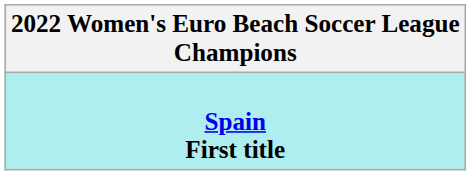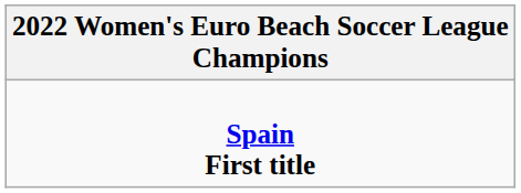 <table class="wikitable" style="margin: 0 auto;">
 <tr>
 <th>2022 Women's Euro Beach Soccer League<br>Champions</th>
 </tr>
 <tr>
-<td align=center style="background: paleturquoise;"><br><strong><a href='#'>Spain</a></strong><br><strong>First title</strong></td>
+<td align=center><br><strong><a href='#'>Spain</a></strong><br><strong>First title</strong></td>
 </tr>
 </table>
